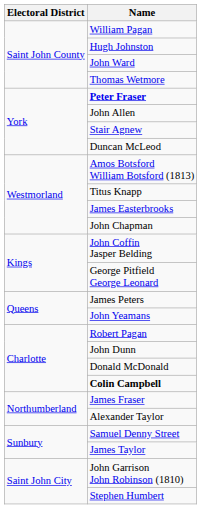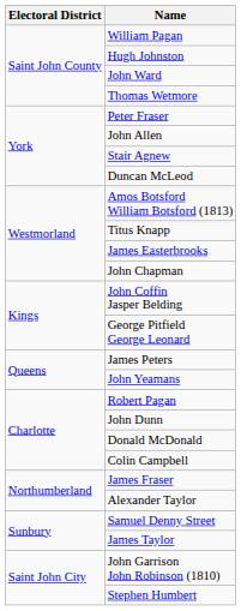 <table class="wikitable">
 <tr>
 <th>Electoral District</th>
 <th>Name</th>
 </tr>
 <tr>
 <td rowspan="4"><a href='#'>Saint John County</a></td>
 <td><a href='#'>William Pagan</a></td>
 </tr>
 <tr>
 <td><a href='#'>Hugh Johnston</a></td>
 </tr>
 <tr>
 <td><a href='#'>John Ward</a></td>
 </tr>
 <tr>
 <td><a href='#'>Thomas Wetmore</a></td>
 </tr>
 <tr>
 <td rowspan="4"><a href='#'>York</a></td>
-<td><strong><a href='#'>Peter Fraser</a></strong></td>
+<td><a href='#'>Peter Fraser</a></td>
 </tr>
 <tr>
 <td>John Allen</td>
 </tr>
 <tr>
 <td><a href='#'>Stair Agnew</a></td>
 </tr>
 <tr>
 <td>Duncan McLeod</td>
 </tr>
 <tr>
 <td rowspan="4"><a href='#'>Westmorland</a></td>
 <td><a href='#'>Amos Botsford</a><br><a href='#'>William Botsford</a> (1813)</td>
 </tr>
 <tr>
 <td>Titus Knapp</td>
 </tr>
 <tr>
 <td><a href='#'>James Easterbrooks</a></td>
 </tr>
 <tr>
 <td>John Chapman</td>
 </tr>
 <tr>
 <td rowspan="2"><a href='#'>Kings</a></td>
 <td><a href='#'>John Coffin</a><br>Jasper Belding</td>
 </tr>
 <tr>
 <td>George Pitfield<br><a href='#'>George Leonard</a></td>
 </tr>
 <tr>
 <td rowspan="2"><a href='#'>Queens</a></td>
 <td>James Peters</td>
 </tr>
 <tr>
 <td><a href='#'>John Yeamans</a></td>
 </tr>
 <tr>
 <td rowspan="4"><a href='#'>Charlotte</a></td>
 <td><a href='#'>Robert Pagan</a></td>
 </tr>
 <tr>
 <td>John Dunn</td>
 </tr>
 <tr>
 <td>Donald McDonald</td>
 </tr>
 <tr>
-<td><strong>Colin Campbell</strong></td>
+<td>Colin Campbell</td>
 </tr>
 <tr>
 <td rowspan="2"><a href='#'>Northumberland</a></td>
 <td><a href='#'>James Fraser</a></td>
 </tr>
 <tr>
 <td>Alexander Taylor</td>
 </tr>
 <tr>
 <td rowspan="2"><a href='#'>Sunbury</a></td>
 <td><a href='#'>Samuel Denny Street</a></td>
 </tr>
 <tr>
 <td><a href='#'>James Taylor</a></td>
 </tr>
 <tr>
 <td rowspan="2"><a href='#'>Saint John City</a></td>
 <td>John Garrison<br><a href='#'>John Robinson</a> (1810)</td>
 </tr>
 <tr>
 <td><a href='#'>Stephen Humbert</a></td>
 </tr>
 </table>
